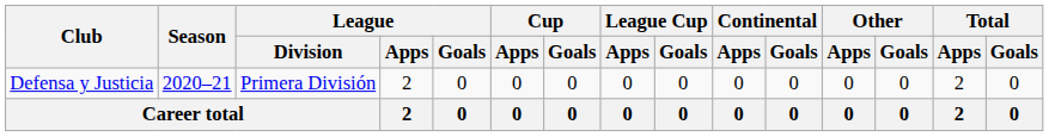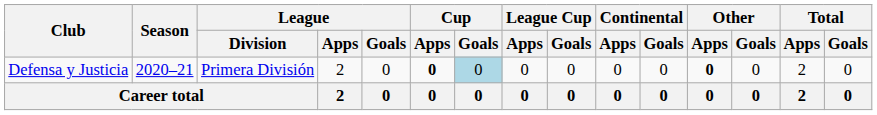 <table class="wikitable" style="text-align:center">
 <tr>
 <th rowspan="2">Club</th>
 <th rowspan="2">Season</th>
 <th colspan="3">League</th>
 <th colspan="2">Cup</th>
 <th colspan="2">League Cup</th>
 <th colspan="2">Continental</th>
 <th colspan="2">Other</th>
 <th colspan="2">Total</th>
 </tr>
 <tr>
 <th>Division</th>
 <th>Apps</th>
 <th>Goals</th>
 <th>Apps</th>
 <th>Goals</th>
 <th>Apps</th>
 <th>Goals</th>
 <th>Apps</th>
 <th>Goals</th>
 <th>Apps</th>
 <th>Goals</th>
 <th>Apps</th>
 <th>Goals</th>
 </tr>
 <tr>
 <td rowspan="1"><a href='#'>Defensa y Justicia</a></td>
 <td><a href='#'>2020–21</a></td>
 <td rowspan="1"><a href='#'>Primera División</a></td>
 <td>2</td>
 <td>0</td>
+<td><strong>0</strong></td>
+<td style="background: lightblue;">0</td>
 <td>0</td>
 <td>0</td>
 <td>0</td>
 <td>0</td>
-<td>0</td>
-<td>0</td>
-<td>0</td>
+<td><strong>0</strong></td>
 <td>0</td>
 <td>2</td>
 <td>0</td>
 </tr>
 <tr>
 <th colspan="3">Career total</th>
 <th>2</th>
 <th>0</th>
 <th>0</th>
 <th>0</th>
 <th>0</th>
 <th>0</th>
 <th>0</th>
 <th>0</th>
 <th>0</th>
 <th>0</th>
 <th>2</th>
 <th>0</th>
 </tr>
 </table>
